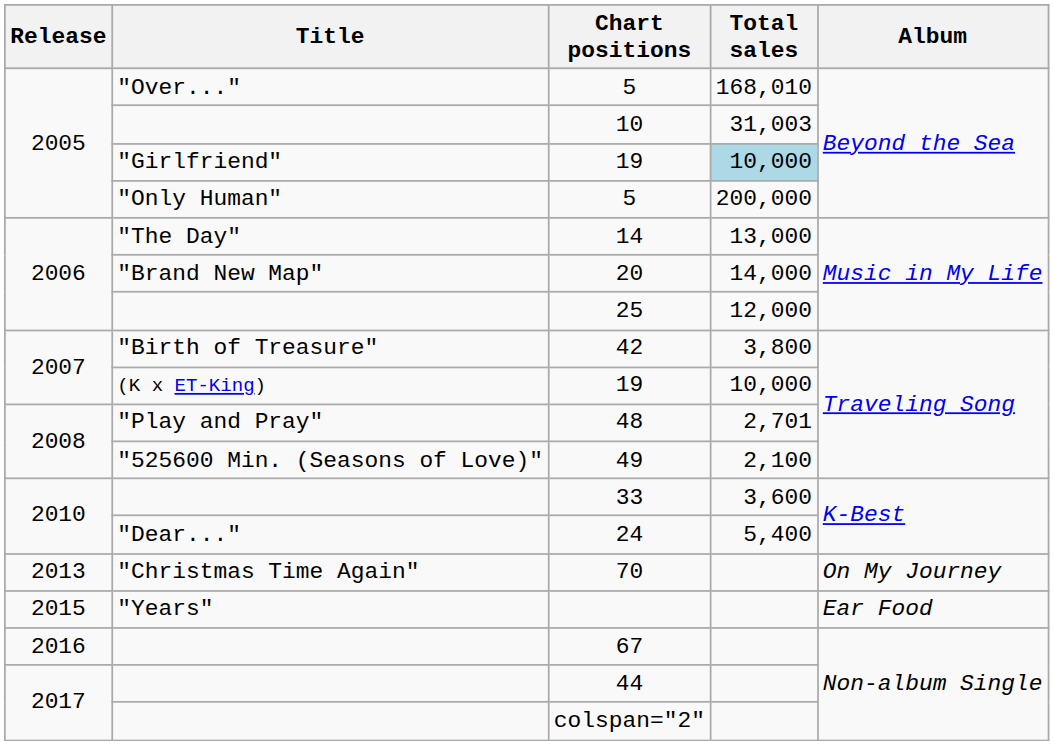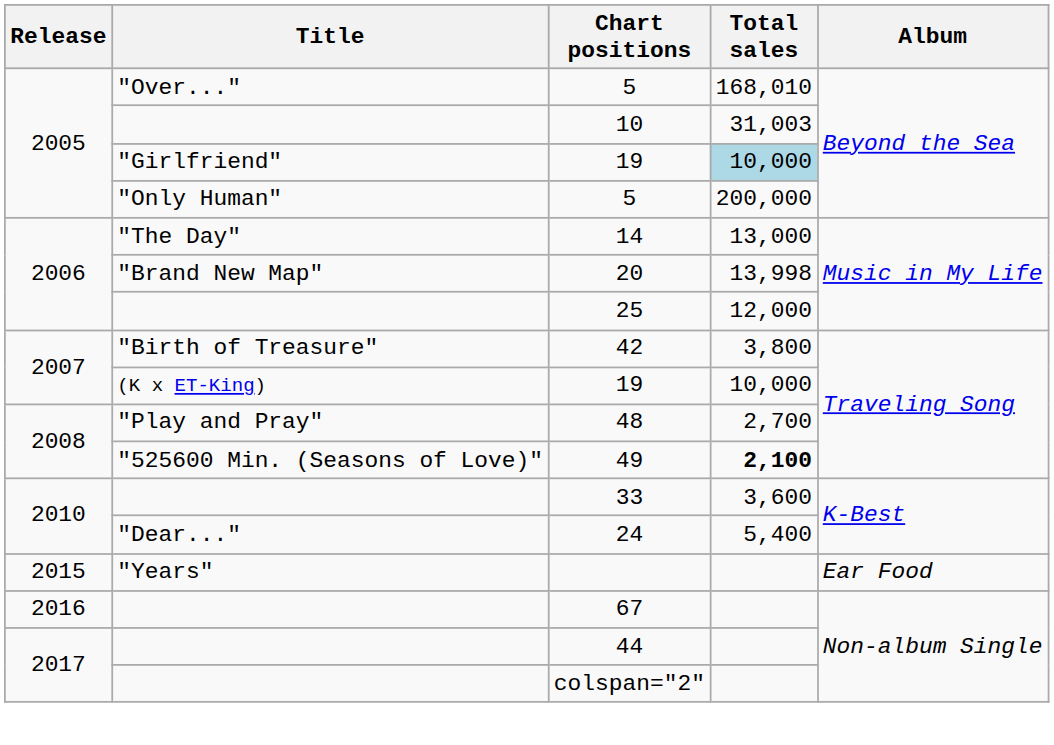 <table class="wikitable" style="text-align:center">
 <tr bgcolor="#CCCCCC">
 <th>Release</th>
 <th>Title</th>
 <th>Chart<br>positions<br></th>
 <th>Total<br>sales<br></th>
 <th>Album</th>
 </tr>
 <tr>
 <td rowspan="4">2005</td>
 <td align="left">"Over..."</td>
 <td>5</td>
 <td align="right">168,010</td>
 <td align="left" rowspan="4"><em><a href='#'>Beyond the Sea</a></em></td>
 </tr>
 <tr>
 <td align="left"></td>
 <td>10</td>
 <td align="right">31,003</td>
 </tr>
 <tr>
 <td align="left">"Girlfriend"</td>
 <td>19</td>
 <td align="right" style="background: lightblue;">10,000</td>
 </tr>
 <tr>
 <td align="left">"Only Human"</td>
 <td>5</td>
 <td align="right">200,000</td>
 </tr>
 <tr>
 <td rowspan="3">2006</td>
 <td align="left">"The Day"</td>
 <td>14</td>
 <td align="right">13,000</td>
 <td align="left" rowspan="3"><em><a href='#'>Music in My Life</a></em></td>
 </tr>
 <tr>
 <td align="left">"Brand New Map"</td>
 <td>20</td>
-<td align="right">14,000</td>
+<td align="right">13,998</td>
 </tr>
 <tr>
 <td align="left"></td>
 <td>25</td>
 <td align="right">12,000</td>
 </tr>
 <tr>
 <td rowspan="2">2007</td>
 <td align="left">"Birth of Treasure"</td>
 <td>42</td>
 <td align="right">3,800</td>
 <td align="left" rowspan="4"><em><a href='#'>Traveling Song</a></em></td>
 </tr>
 <tr>
 <td align="left"> <small>(K x <a href='#'>ET-King</a>)</small></td>
 <td>19</td>
 <td align="right">10,000</td>
 </tr>
 <tr>
 <td rowspan="2">2008</td>
 <td align="left">"Play and Pray"</td>
 <td>48</td>
-<td align="right">2,701</td>
+<td align="right">2,700</td>
 </tr>
 <tr>
 <td align="left">"525600 Min. (Seasons of Love)"</td>
 <td>49</td>
-<td align="right">2,100</td>
+<td align="right"><strong>2,100</strong></td>
 </tr>
 <tr>
 <td rowspan="2">2010</td>
 <td align="left"></td>
 <td>33</td>
 <td align="right">3,600</td>
 <td align="left" rowspan="2"><em><a href='#'>K-Best</a></em></td>
 </tr>
 <tr>
 <td align="left">"Dear..."</td>
 <td>24</td>
 <td align="right">5,400</td>
-</tr>
-<tr>
-<td>2013</td>
-<td align="left">"Christmas Time Again"</td>
-<td>70</td>
-<td align="right"></td>
-<td align="left"><em>On My Journey</em></td>
 </tr>
 <tr>
 <td>2015</td>
 <td align="left">"Years"</td>
 <td></td>
 <td align="right"></td>
 <td align="left"><em>Ear Food</em></td>
 </tr>
 <tr>
 <td>2016</td>
 <td align="left"></td>
 <td>67</td>
 <td align="right"></td>
 <td align="left" rowspan="3"><em>Non-album Single</em></td>
 </tr>
 <tr>
 <td rowspan="2">2017</td>
 <td align="left"></td>
 <td>44</td>
 <td align="right"></td>
 </tr>
 <tr>
 <td align="left"></td>
 <td>colspan="2" </td>
 </tr>
 </table>
